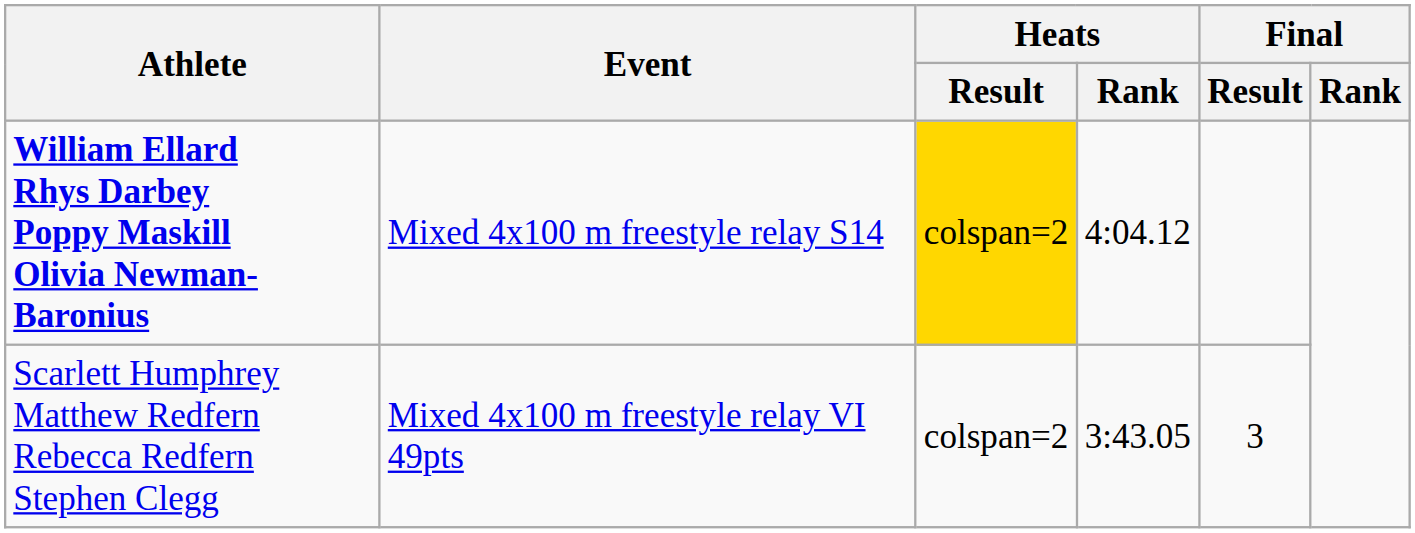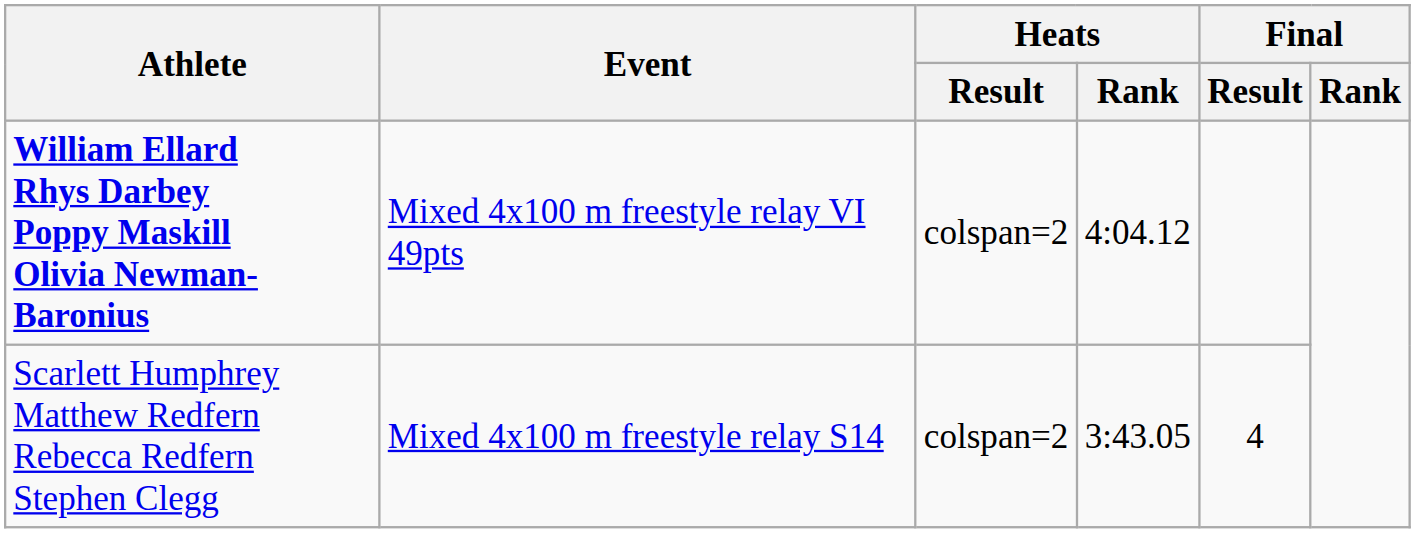 <table class=wikitable style="font-size:95%">
 <tr>
 <th rowspan="2">Athlete</th>
 <th rowspan="2">Event</th>
 <th colspan="2">Heats</th>
 <th colspan="2">Final</th>
 </tr>
 <tr>
 <th>Result</th>
 <th>Rank</th>
 <th>Result</th>
 <th>Rank</th>
 </tr>
 <tr style="text-align:center">
 <td style="text-align:left"><strong><a href='#'>William Ellard</a></strong><br><strong><a href='#'>Rhys Darbey</a></strong><br><strong><a href='#'>Poppy Maskill</a></strong><br><strong><a href='#'>Olivia Newman-Baronius</a></strong></td>
-<td style="text-align:left"><a href='#'>Mixed 4x100 m freestyle relay S14</a></td>
-<td style="background: gold;">colspan=2 </td>
+<td style="text-align:left"><a href='#'>Mixed 4x100 m freestyle relay VI 49pts</a></td>
+<td>colspan=2 </td>
 <td>4:04.12</td>
 <td></td>
 </tr>
 <tr style="text-align:center">
 <td style="text-align:left"><a href='#'>Scarlett Humphrey</a><br><a href='#'>Matthew Redfern</a><br><a href='#'>Rebecca Redfern</a><br><a href='#'>Stephen Clegg</a></td>
-<td style="text-align:left"><a href='#'>Mixed 4x100 m freestyle relay VI 49pts</a></td>
+<td style="text-align:left"><a href='#'>Mixed 4x100 m freestyle relay S14</a></td>
 <td>colspan=2 </td>
 <td>3:43.05</td>
-<td>3</td>
+<td>4</td>
 </tr>
 </table>
